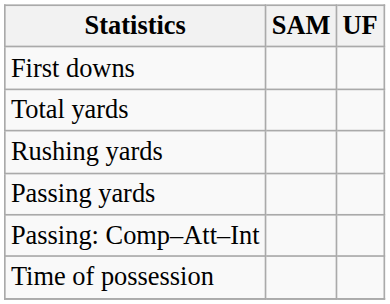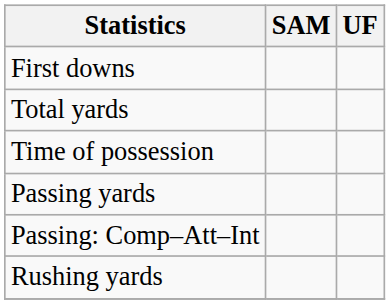 <table class="wikitable" style="float: left;">
 <tr>
 <th>Statistics</th>
 <th>SAM</th>
 <th>UF</th>
 </tr>
 <tr>
 <td>First downs</td>
 <td></td>
 <td></td>
 </tr>
 <tr>
 <td>Total yards</td>
 <td></td>
 <td></td>
 </tr>
 <tr>
-<td>Rushing yards</td>
+<td>Time of possession</td>
 <td></td>
 <td></td>
 </tr>
 <tr>
 <td>Passing yards</td>
 <td></td>
 <td></td>
 </tr>
 <tr>
 <td>Passing: Comp–Att–Int</td>
 <td></td>
 <td></td>
 </tr>
 <tr>
-<td>Time of possession</td>
+<td>Rushing yards</td>
 <td></td>
 <td></td>
 </tr>
 <tr>
 </tr>
 </table>
